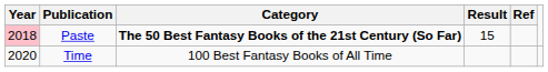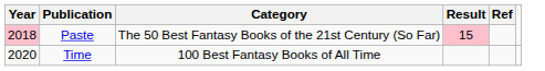 <table class="wikitable sortable" style="text-align:center;">
 <tr>
 <th>Year</th>
 <th>Publication</th>
 <th>Category</th>
 <th>Result</th>
 <th>Ref</th>
 </tr>
 <tr>
 <td style="background: pink;">2018</td>
 <td><a href='#'>Paste</a></td>
-<td><strong>The 50 Best Fantasy Books of the 21st Century (So Far)</strong></td>
-<td>15</td>
+<td>The 50 Best Fantasy Books of the 21st Century (So Far)</td>
+<td style="background: pink;">15</td>
 <td></td>
 </tr>
 <tr>
 <td>2020</td>
 <td><a href='#'>Time</a></td>
 <td>100 Best Fantasy Books of All Time</td>
 <td></td>
 <td></td>
 <td></td>
 </tr>
 </table>
